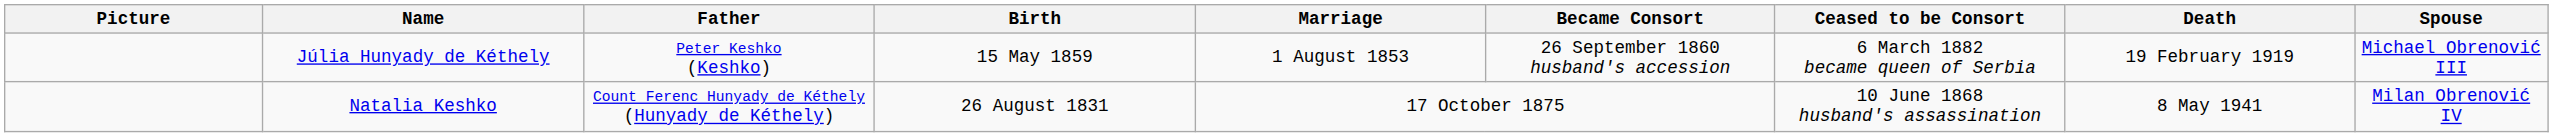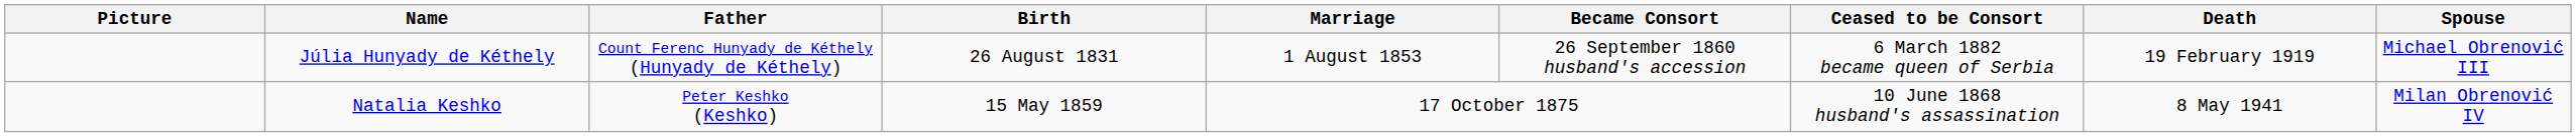 <table style="width:95%;" class="wikitable">
 <tr>
 <th style="width:8%;">Picture</th>
 <th style="width:10%;">Name</th>
 <th style="width:9%;">Father</th>
 <th style="width:10%;">Birth</th>
 <th style="width:9%;">Marriage</th>
 <th style="width:9%;">Became Consort</th>
 <th style="width:9%;">Ceased to be Consort</th>
 <th style="width:9%;">Death</th>
 <th style="width:6%;">Spouse</th>
 </tr>
 <tr>
 <td style="text-align:center;"></td>
 <td style="text-align:center;"><a href='#'>Júlia Hunyady de Kéthely</a></td>
-<td style="text-align:center;"><small><a href='#'>Peter Keshko</a></small><br>(<a href='#'>Keshko</a>)</td>
-<td style="text-align:center;">15 May 1859</td>
+<td style="text-align:center;"><small><a href='#'>Count Ferenc Hunyady de Kéthely</a></small><br>(<a href='#'>Hunyady de Kéthely</a>)</td>
+<td style="text-align:center;">26 August 1831</td>
 <td style="text-align:center;">1 August 1853</td>
 <td style="text-align:center;">26 September 1860<br><em>husband's accession</em></td>
 <td style="text-align:center;">6 March 1882<br><em>became queen of Serbia</em></td>
 <td style="text-align:center;">19 February 1919</td>
 <td style="text-align:center;"><a href='#'>Michael Obrenović III</a></td>
 </tr>
 <tr>
 <td style="text-align:center;"></td>
 <td style="text-align:center;"><a href='#'>Natalia Keshko</a></td>
-<td style="text-align:center;"><small><a href='#'>Count Ferenc Hunyady de Kéthely</a></small><br>(<a href='#'>Hunyady de Kéthely</a>)</td>
-<td style="text-align:center;">26 August 1831</td>
+<td style="text-align:center;"><small><a href='#'>Peter Keshko</a></small><br>(<a href='#'>Keshko</a>)</td>
+<td style="text-align:center;">15 May 1859</td>
 <td style="text-align:center;" colspan="2">17 October 1875</td>
 <td style="text-align:center;">10 June 1868<br><em>husband's assassination</em></td>
 <td style="text-align:center;">8 May 1941</td>
 <td style="text-align:center;"><a href='#'>Milan Obrenović IV</a></td>
 </tr>
 </table>
